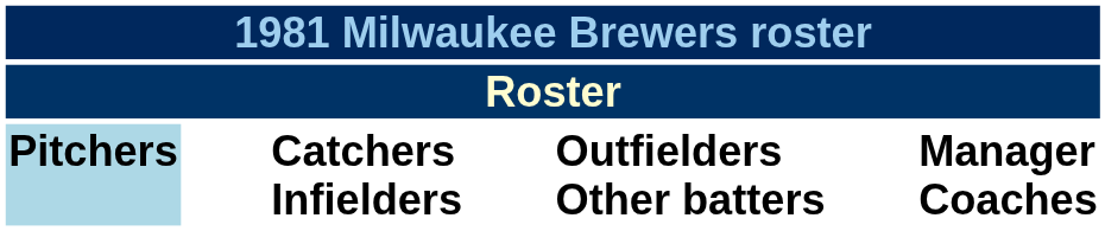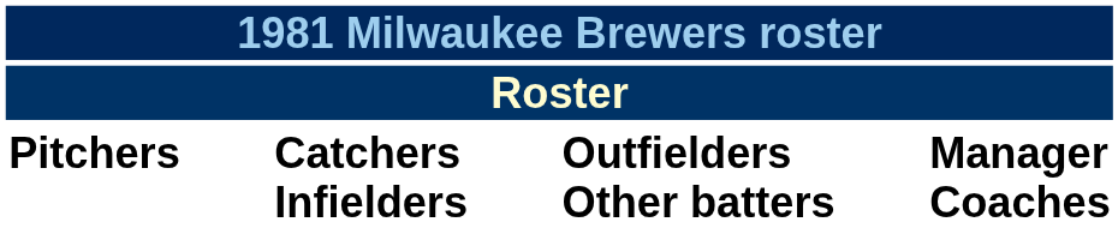 <table class="toccolours" style="font-size: 95%;">
 <tr>
 <th colspan="10" style="background-color: #00285D; color: #9ECEEE; text-align: center;">1981 Milwaukee Brewers roster</th>
 </tr>
 <tr>
 <td colspan="10" style="background-color: #003366; color: #FFFDD0; text-align: center;"><strong>Roster</strong></td>
 </tr>
 <tr>
-<td valign="top" style="background: lightblue;"><strong>Pitchers</strong><br>               </td>
+<td valign="top"><strong>Pitchers</strong><br>               </td>
 <td width = "25px"></td>
 <td valign="top"><strong>Catchers</strong><br>   <strong>Infielders</strong>       </td>
 <td width = "25px"></td>
 <td valign="top"><strong>Outfielders</strong><br>      <strong>Other batters</strong> </td>
 <td width = "25px"></td>
 <td valign="top"><strong>Manager</strong><br> <strong>Coaches</strong>          </td>
 </tr>
 </table>
